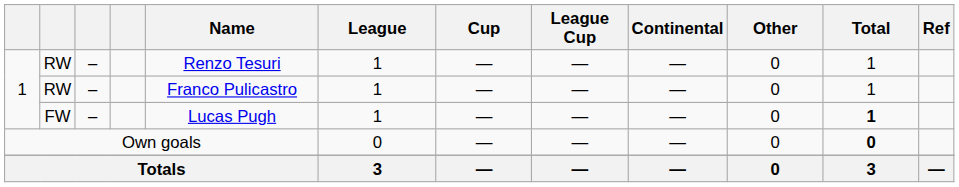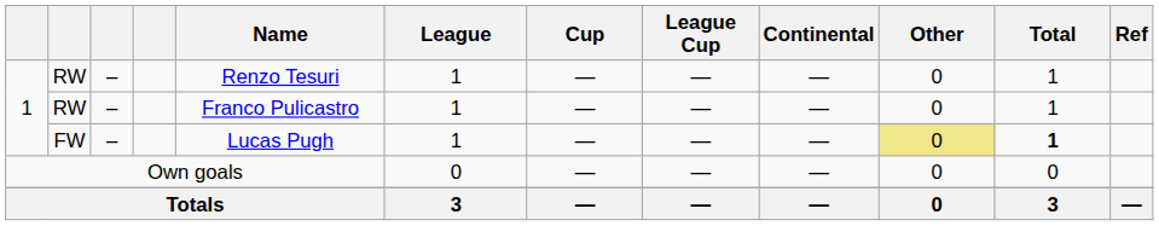 <table class="wikitable sortable" style="font-size: 95%; text-align: center;">
 <tr>
 <th style="width:25px; background:#; color:;"></th>
 <th style="width:25px; background:#; color:;"></th>
 <th style="width:25px; background:#; color:;"></th>
 <th style="width:25px; background:#; color:;"></th>
 <th style="width:150px; background:#; color:;">Name</th>
 <th style="width:100px; background:#; color:;">League</th>
 <th style="width:80px; background:#; color:;">Cup</th>
 <th style="width:80px; background:#; color:;">League Cup</th>
 <th style="width:80px; background:#; color:;">Continental</th>
 <th style="width:80px; background:#; color:;">Other</th>
 <th style="width:80px; background:#; color:;"><strong>Total</strong></th>
 <th style="width:10px; background:#; color:;"><strong>Ref</strong></th>
 </tr>
 <tr>
 <td rowspan=3>1</td>
 <td>RW</td>
 <td>–</td>
 <td></td>
 <td data-sort-value="Tesuri, Renzo"><a href='#'>Renzo Tesuri</a></td>
 <td>1</td>
 <td>—</td>
 <td>—</td>
 <td>—</td>
 <td>0</td>
 <td>1</td>
 <td></td>
 </tr>
 <tr>
 <td>RW</td>
 <td>–</td>
 <td></td>
 <td data-sort-value="Pulicastro, Franco"><a href='#'>Franco Pulicastro</a></td>
 <td>1</td>
 <td>—</td>
 <td>—</td>
 <td>—</td>
 <td>0</td>
 <td>1</td>
 <td></td>
 </tr>
 <tr>
 <td>FW</td>
 <td>–</td>
 <td></td>
 <td data-sort-value="Pugh, Lucas"><a href='#'>Lucas Pugh</a></td>
 <td>1</td>
 <td>—</td>
 <td>—</td>
 <td>—</td>
-<td>0</td>
+<td style="background: khaki;">0</td>
 <td><strong>1</strong></td>
 <td></td>
 </tr>
 <tr>
 <td colspan="5">Own goals</td>
 <td>0</td>
 <td>—</td>
 <td>—</td>
 <td>—</td>
 <td>0</td>
-<td><strong>0</strong></td>
+<td>0</td>
 <td></td>
 </tr>
 <tr>
 </tr>
 <tr class="sortbottom">
 </tr>
 <tr class="sortbottom">
 <th colspan=5><strong>Totals</strong></th>
 <th><strong>3</strong></th>
 <th><strong>—</strong></th>
 <th><strong>—</strong></th>
 <th><strong>—</strong></th>
 <th><strong>0</strong></th>
 <th><strong>3</strong></th>
 <th><strong>—</strong></th>
 </tr>
 </table>
